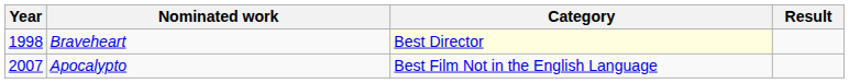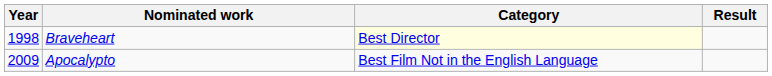 <table class="wikitable">
 <tr>
 <th scope="col" style="width:1em;">Year</th>
 <th scope="col" style="width:35em;">Nominated work</th>
 <th scope="col" style="width:40em;">Category</th>
 <th scope="col" style="width:5em;">Result</th>
 </tr>
 <tr>
 <td><a href='#'>1998</a></td>
 <td><em><a href='#'>Braveheart</a></em></td>
 <td style="background: lightyellow;"><a href='#'>Best Director</a></td>
 <td></td>
 </tr>
 <tr>
-<td><a href='#'>2007</a></td>
+<td><a href='#'>2009</a></td>
 <td><em><a href='#'>Apocalypto</a></em></td>
 <td><a href='#'>Best Film Not in the English Language</a></td>
 <td></td>
 </tr>
 </table>
